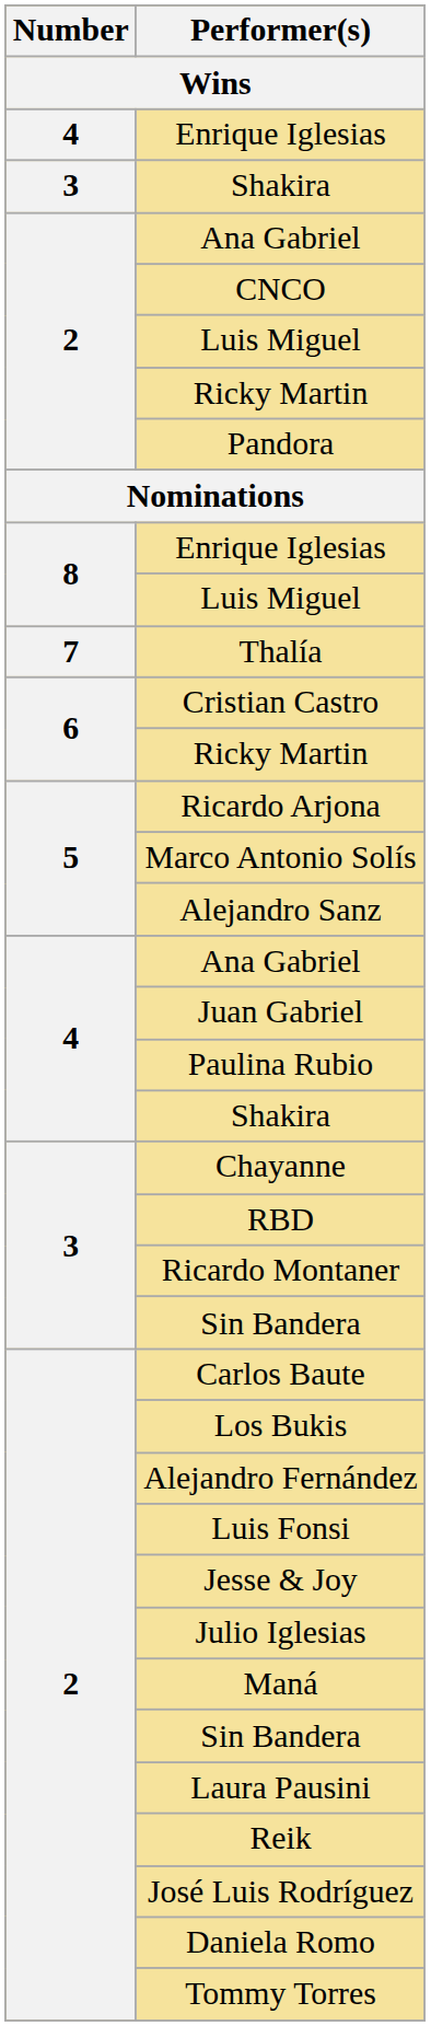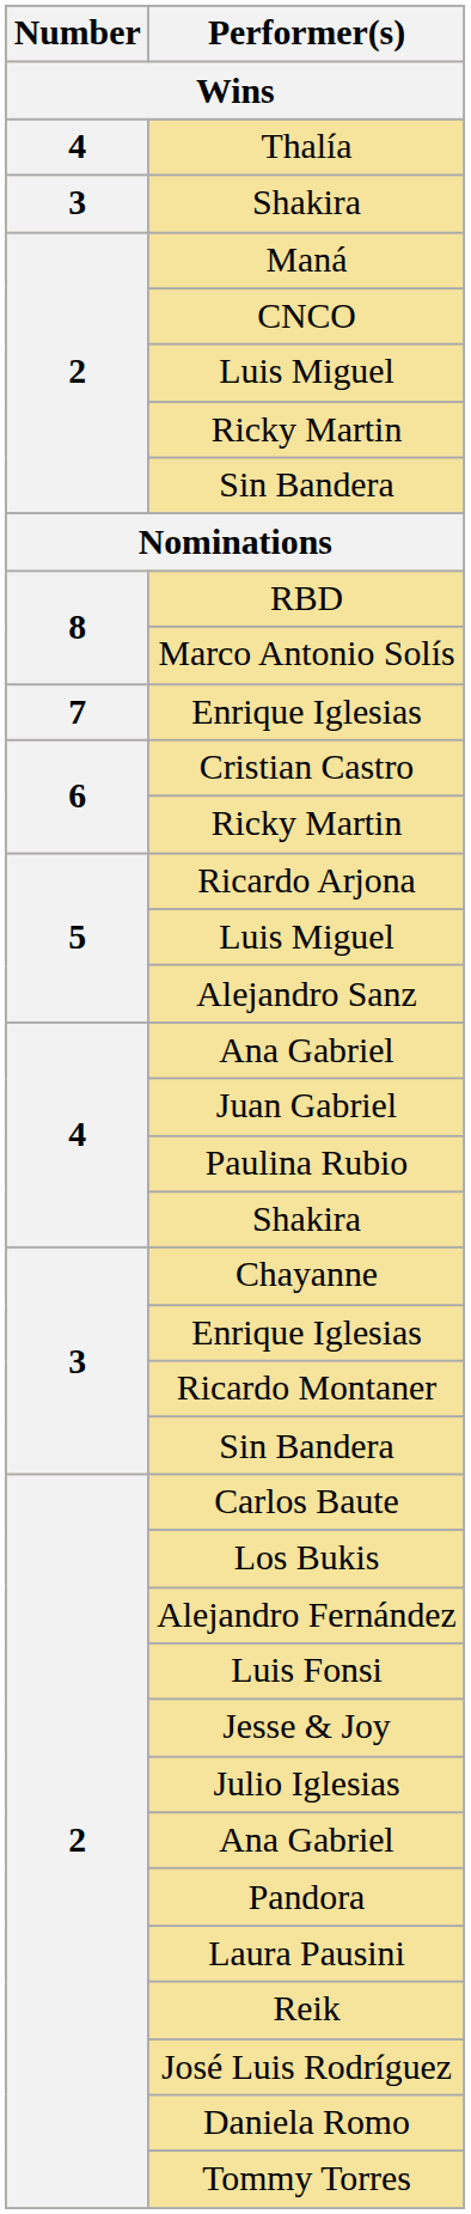 <table class="wikitable" rowspan=2 style="text-align: center; background: #f6e39c">
 <tr>
 <th scope="col" style="width:55px;">Number</th>
 <th scope="col" style="text-align:center;">Performer(s)</th>
 </tr>
 <tr>
 <th colspan="2">Wins</th>
 </tr>
 <tr>
 <th scope="row" rowspan=1 style="text-align:center">4</th>
-<td>Enrique Iglesias</td>
+<td>Thalía</td>
 </tr>
 <tr>
 <th scope="row" rowspan=1 style="text-align:center">3</th>
 <td>Shakira</td>
 </tr>
 <tr>
 <th scope="row" rowspan=5 style="text-align:center">2</th>
-<td>Ana Gabriel</td>
+<td>Maná</td>
 </tr>
 <tr>
 <td>CNCO</td>
 </tr>
 <tr>
 <td>Luis Miguel</td>
 </tr>
 <tr>
 <td>Ricky Martin</td>
 </tr>
 <tr>
-<td>Pandora</td>
+<td>Sin Bandera</td>
 </tr>
 <tr>
 <th colspan="2">Nominations</th>
 </tr>
 <tr>
 <th scope="row" rowspan=2 style="text-align:center">8</th>
-<td>Enrique Iglesias</td>
+<td>RBD</td>
 </tr>
 <tr>
-<td>Luis Miguel</td>
+<td>Marco Antonio Solís</td>
 </tr>
 <tr>
 <th scope="row" rowspan=1 style="text-align:center">7</th>
-<td>Thalía</td>
+<td>Enrique Iglesias</td>
 </tr>
 <tr>
 <th scope="row" rowspan=2 style="text-align:center">6</th>
 <td>Cristian Castro</td>
 </tr>
 <tr>
 <td>Ricky Martin</td>
 </tr>
 <tr>
 <th scope="row" rowspan=3 style="text-align:center">5</th>
 <td>Ricardo Arjona</td>
 </tr>
 <tr>
-<td>Marco Antonio Solís</td>
+<td>Luis Miguel</td>
 </tr>
 <tr>
 <td>Alejandro Sanz</td>
 </tr>
 <tr>
 <th scope="row" rowspan=4 style="text-align:center">4</th>
 <td>Ana Gabriel</td>
 </tr>
 <tr>
 <td>Juan Gabriel</td>
 </tr>
 <tr>
 <td>Paulina Rubio</td>
 </tr>
 <tr>
 <td>Shakira</td>
 </tr>
 <tr>
 <th scope="row" rowspan=4 style="text-align:center">3</th>
 <td>Chayanne</td>
 </tr>
 <tr>
-<td>RBD</td>
+<td>Enrique Iglesias</td>
 </tr>
 <tr>
 <td>Ricardo Montaner</td>
 </tr>
 <tr>
 <td>Sin Bandera</td>
 </tr>
 <tr>
 <th scope="row" rowspan=13 style="text-align:center">2</th>
 <td>Carlos Baute</td>
 </tr>
 <tr>
 <td>Los Bukis</td>
 </tr>
 <tr>
 <td>Alejandro Fernández</td>
 </tr>
 <tr>
 <td>Luis Fonsi</td>
 </tr>
 <tr>
 <td>Jesse & Joy</td>
 </tr>
 <tr>
 <td>Julio Iglesias</td>
 </tr>
 <tr>
-<td>Maná</td>
+<td>Ana Gabriel</td>
 </tr>
 <tr>
-<td>Sin Bandera</td>
+<td>Pandora</td>
 </tr>
 <tr>
 <td>Laura Pausini</td>
 </tr>
 <tr>
 <td>Reik</td>
 </tr>
 <tr>
 <td>José Luis Rodríguez</td>
 </tr>
 <tr>
 <td>Daniela Romo</td>
 </tr>
 <tr>
 <td>Tommy Torres</td>
 </tr>
 <tr>
 </tr>
 </table>
